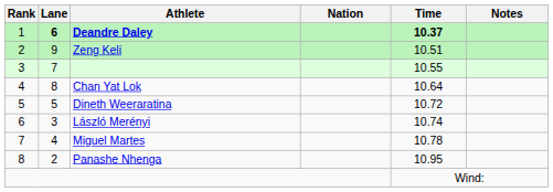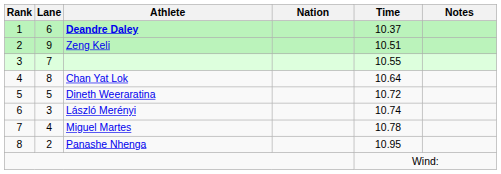 <table class="wikitable sortable" style="text-align:center;width: 60%;">
 <tr>
 <th scope="col" style="width: 10px;">Rank</th>
 <th scope="col" style="width: 10px;">Lane</th>
 <th scope="col">Athlete</th>
 <th scope="col">Nation</th>
 <th scope="col">Time</th>
 <th scope="col">Notes</th>
 </tr>
 <tr bgcolor=bbf3bb>
 <td>1</td>
-<td><strong>6</strong></td>
+<td>6</td>
 <td align=left><strong><a href='#'>Deandre Daley</a></strong></td>
 <td align=left></td>
-<td><strong>10.37</strong></td>
+<td>10.37</td>
 <td></td>
 </tr>
 <tr bgcolor=bbf3bb>
 <td>2</td>
 <td>9</td>
 <td align=left><a href='#'>Zeng Keli</a></td>
 <td align=left></td>
 <td>10.51</td>
 <td></td>
 </tr>
 <tr bgcolor=ddffdd>
 <td>3</td>
 <td>7</td>
 <td align=left></td>
 <td align=left></td>
 <td>10.55</td>
 <td></td>
 </tr>
 <tr>
 <td>4</td>
 <td>8</td>
 <td align=left><a href='#'>Chan Yat Lok</a></td>
 <td align=left></td>
 <td>10.64</td>
 <td></td>
 </tr>
 <tr>
 <td>5</td>
 <td>5</td>
 <td align=left><a href='#'>Dineth Weeraratina</a></td>
 <td align=left></td>
 <td>10.72</td>
 <td></td>
 </tr>
 <tr>
 <td>6</td>
 <td>3</td>
 <td align=left><a href='#'>László Merényi</a></td>
 <td align=left></td>
 <td>10.74</td>
 <td></td>
 </tr>
 <tr>
 <td>7</td>
 <td>4</td>
 <td align=left><a href='#'>Miguel Martes</a></td>
 <td align=left></td>
 <td>10.78</td>
 <td></td>
 </tr>
 <tr>
 <td>8</td>
 <td>2</td>
 <td align=left><a href='#'>Panashe Nhenga</a></td>
 <td align=left></td>
 <td>10.95</td>
 <td></td>
 </tr>
 <tr class="sortbottom">
 <td colspan="4"></td>
 <td colspan="2">Wind: </td>
 </tr>
 </table>
